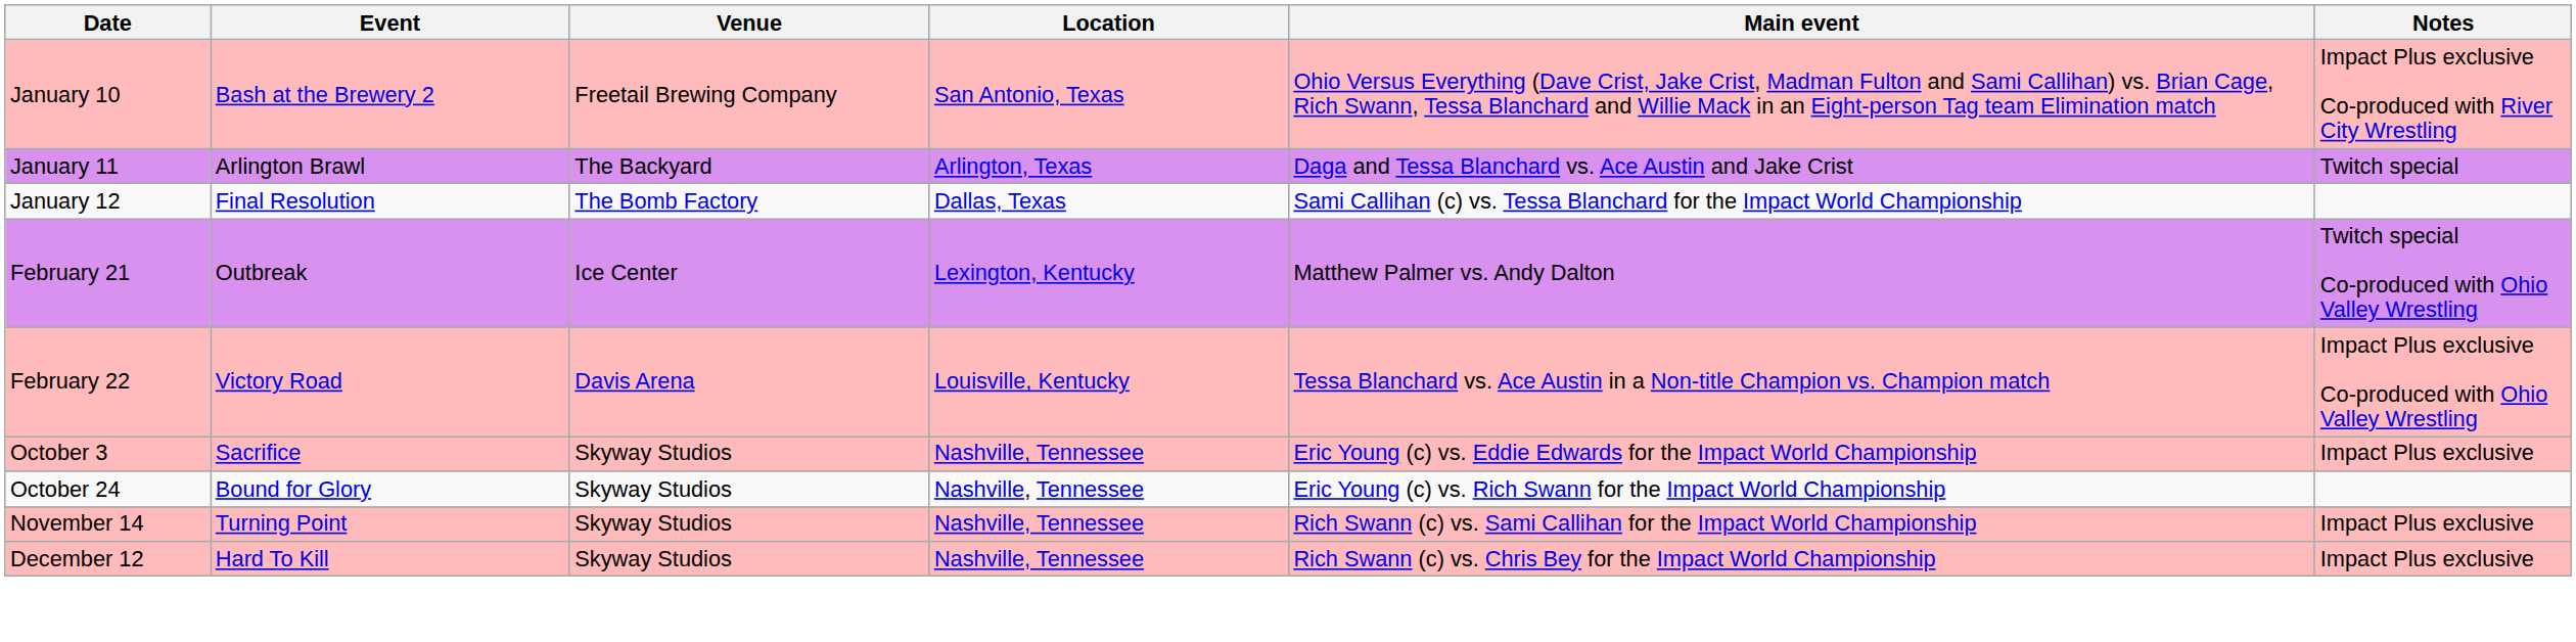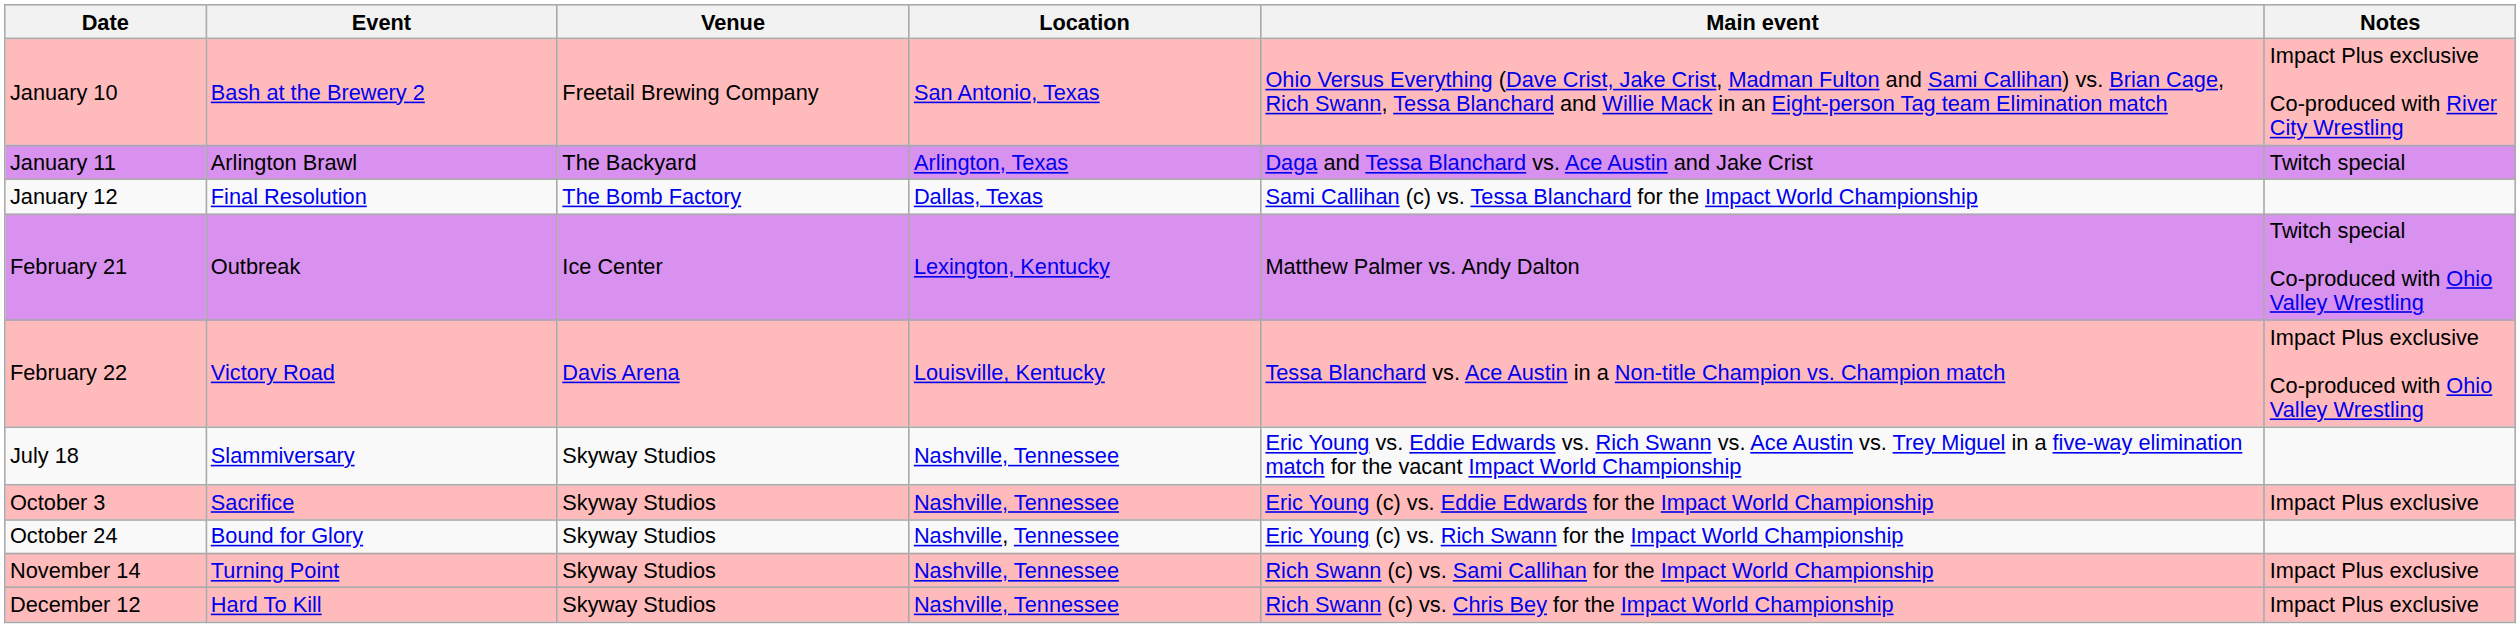 <table class="sortable wikitable succession-box" style="font-size:85%;">
 <tr>
 <th width=8%>Date</th>
 <th width=14%>Event</th>
 <th width=14%>Venue</th>
 <th width=14%>Location</th>
 <th width=40%>Main event</th>
 <th width=14%>Notes</th>
 </tr>
 <tr style="background: #FBB">
 <td>January 10</td>
 <td><a href='#'>Bash at the Brewery 2</a></td>
 <td>Freetail Brewing Company</td>
 <td><a href='#'>San Antonio, Texas</a></td>
 <td><a href='#'>Ohio Versus Everything</a> (<a href='#'>Dave Crist, Jake Crist</a>, <a href='#'>Madman Fulton</a> and <a href='#'>Sami Callihan</a>) vs. <a href='#'>Brian Cage</a>, <a href='#'>Rich Swann</a>, <a href='#'>Tessa Blanchard</a> and <a href='#'>Willie Mack</a> in an <a href='#'>Eight-person Tag team Elimination match</a></td>
 <td>Impact Plus exclusive<br><br>Co-produced with <a href='#'>River City Wrestling</a></td>
 </tr>
 <tr style="background: #D891EF">
 <td>January 11</td>
 <td>Arlington Brawl</td>
 <td>The Backyard</td>
 <td><a href='#'>Arlington, Texas</a></td>
 <td><a href='#'>Daga</a> and <a href='#'>Tessa Blanchard</a> vs. <a href='#'>Ace Austin</a> and Jake Crist</td>
 <td>Twitch special</td>
 </tr>
 <tr>
 <td>January 12</td>
 <td><a href='#'>Final Resolution</a></td>
 <td><a href='#'>The Bomb Factory</a></td>
 <td><a href='#'>Dallas, Texas</a></td>
 <td><a href='#'>Sami Callihan</a> (c) vs. <a href='#'>Tessa Blanchard</a> for the <a href='#'>Impact World Championship</a></td>
 <td></td>
 </tr>
 <tr style="background: #D891EF">
 <td>February 21</td>
 <td>Outbreak</td>
 <td>Ice Center</td>
 <td><a href='#'>Lexington, Kentucky</a></td>
 <td>Matthew Palmer vs. Andy Dalton</td>
 <td>Twitch special<br><br>Co-produced with <a href='#'>Ohio Valley Wrestling</a></td>
 </tr>
 <tr style="background: #FBB">
 <td>February 22</td>
 <td><a href='#'>Victory Road</a></td>
 <td><a href='#'>Davis Arena</a></td>
 <td><a href='#'>Louisville, Kentucky</a></td>
 <td><a href='#'>Tessa Blanchard</a> vs. <a href='#'>Ace Austin</a> in a <a href='#'>Non-title Champion vs. Champion match</a></td>
 <td>Impact Plus exclusive<br><br>Co-produced with <a href='#'>Ohio Valley Wrestling</a></td>
 </tr>
+<tr>
+<td>July 18</td>
+<td><a href='#'>Slammiversary</a></td>
+<td>Skyway Studios</td>
+<td><a href='#'>Nashville, Tennessee</a></td>
+<td><a href='#'>Eric Young</a> vs. <a href='#'>Eddie Edwards</a> vs. <a href='#'>Rich Swann</a> vs. <a href='#'>Ace Austin</a> vs. <a href='#'>Trey Miguel</a> in a <a href='#'>five-way elimination match</a> for the vacant <a href='#'>Impact World Championship</a></td>
+<td></td>
+</tr>
 <tr style="background: #FBB">
 <td>October 3</td>
 <td><a href='#'>Sacrifice</a></td>
 <td>Skyway Studios</td>
 <td><a href='#'>Nashville, Tennessee</a></td>
 <td><a href='#'>Eric Young</a> (c) vs. <a href='#'>Eddie Edwards</a> for the <a href='#'>Impact World Championship</a></td>
 <td>Impact Plus exclusive</td>
 </tr>
 <tr>
 <td>October 24</td>
 <td><a href='#'>Bound for Glory</a></td>
 <td>Skyway Studios</td>
 <td><a href='#'>Nashville</a>, <a href='#'>Tennessee</a></td>
 <td><a href='#'>Eric Young</a> (c) vs. <a href='#'>Rich Swann</a> for the <a href='#'>Impact World Championship</a></td>
 <td></td>
 </tr>
 <tr style="background: #FBB">
 <td>November 14</td>
 <td><a href='#'>Turning Point</a></td>
 <td>Skyway Studios</td>
 <td><a href='#'>Nashville, Tennessee</a></td>
 <td><a href='#'>Rich Swann</a> (c) vs. <a href='#'>Sami Callihan</a> for the <a href='#'>Impact World Championship</a></td>
 <td>Impact Plus exclusive</td>
 </tr>
 <tr style="background: #FBB">
 <td>December 12</td>
 <td><a href='#'>Hard To Kill</a></td>
 <td>Skyway Studios</td>
 <td><a href='#'>Nashville, Tennessee</a></td>
 <td><a href='#'>Rich Swann</a> (c) vs. <a href='#'>Chris Bey</a> for the <a href='#'>Impact World Championship</a></td>
 <td>Impact Plus exclusive</td>
 </tr>
 </table>
